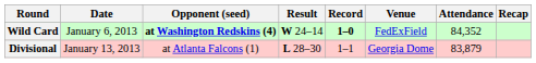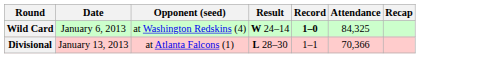 <table class="wikitable" style="text-align:center">
 <tr>
 <th>Round</th>
 <th>Date</th>
 <th>Opponent (seed)</th>
 <th>Result</th>
 <th>Record</th>
-<th>Venue</th>
 <th>Attendance</th>
 <th>Recap</th>
 </tr>
 <tr style="background:#cfc">
 <th>Wild Card</th>
 <td>January 6, 2013</td>
-<td><strong>at <a href='#'>Washington Redskins</a> (4)</strong></td>
+<td>at <a href='#'>Washington Redskins</a> (4)</td>
 <td><strong>W</strong> 24–14</td>
 <td><strong>1–0</strong></td>
-<td><a href='#'>FedExField</a></td>
-<td>84,352</td>
+<td>84,325</td>
 <td></td>
 </tr>
 <tr style="background:#fcc">
 <th>Divisional</th>
 <td>January 13, 2013</td>
 <td>at <a href='#'>Atlanta Falcons</a> (1)</td>
 <td><strong>L</strong> 28–30</td>
 <td>1–1</td>
-<td><a href='#'>Georgia Dome</a></td>
-<td>83,879</td>
+<td>70,366</td>
 <td></td>
 </tr>
 </table>
